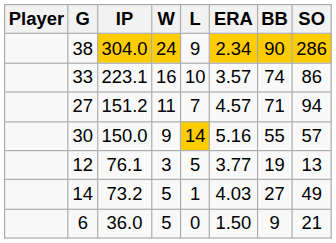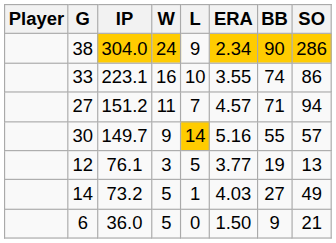 <table class="wikitable sortable">
 <tr>
 <th>Player</th>
 <th>G</th>
 <th>IP</th>
 <th>W</th>
 <th>L</th>
 <th>ERA</th>
 <th>BB</th>
 <th>SO</th>
 </tr>
 <tr align="center">
 <td></td>
 <td>38</td>
 <td bgcolor="#FFCC00">304.0</td>
 <td bgcolor="#FFCC00">24</td>
 <td>9</td>
 <td bgcolor="#FFCC00">2.34</td>
 <td bgcolor="#FFCC00">90</td>
 <td bgcolor="#FFCC00">286</td>
 </tr>
 <tr align="center">
 <td></td>
 <td>33</td>
 <td>223.1</td>
 <td>16</td>
 <td>10</td>
-<td>3.57</td>
+<td>3.55</td>
 <td>74</td>
 <td>86</td>
 </tr>
 <tr align="center">
 <td></td>
 <td>27</td>
 <td>151.2</td>
 <td>11</td>
 <td>7</td>
 <td>4.57</td>
 <td>71</td>
 <td>94</td>
 </tr>
 <tr align="center">
 <td></td>
 <td>30</td>
-<td>150.0</td>
+<td>149.7</td>
 <td>9</td>
 <td bgcolor="#FFCC00">14</td>
 <td>5.16</td>
 <td>55</td>
 <td>57</td>
 </tr>
 <tr align="center">
 <td></td>
 <td>12</td>
 <td>76.1</td>
 <td>3</td>
 <td>5</td>
 <td>3.77</td>
 <td>19</td>
 <td>13</td>
 </tr>
 <tr align="center">
 <td></td>
 <td>14</td>
 <td>73.2</td>
 <td>5</td>
 <td>1</td>
 <td>4.03</td>
 <td>27</td>
 <td>49</td>
 </tr>
 <tr align="center">
 <td></td>
 <td>6</td>
 <td>36.0</td>
 <td>5</td>
 <td>0</td>
 <td>1.50</td>
 <td>9</td>
 <td>21</td>
 </tr>
 </table>
